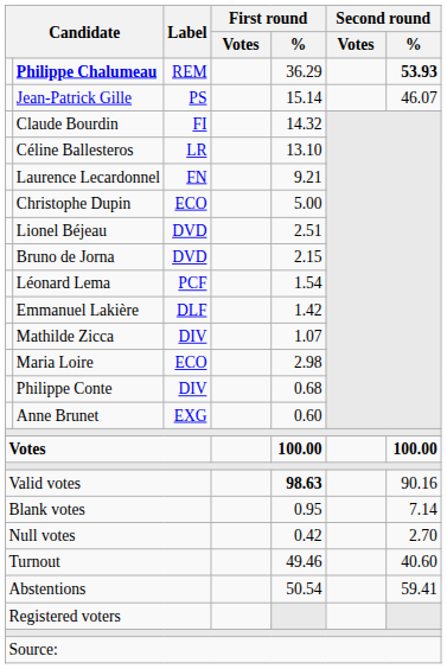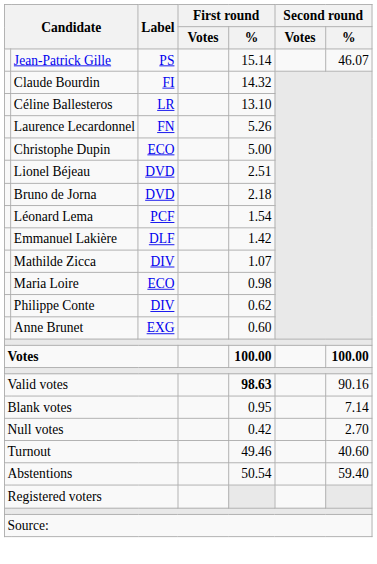 <table class="wikitable" style="text-align:right;font-size:95%;">
 <tr>
 <th rowspan="2" colspan="2">Candidate</th>
 <th rowspan="2">Label</th>
 <th colspan="2">First round</th>
 <th colspan="2">Second round</th>
 </tr>
 <tr>
 <th style="width:50px;">Votes</th>
 <th style="width:45px;">%</th>
 <th style="width:50px;">Votes</th>
 <th style="width:45px;">%</th>
-</tr>
-<tr>
-<td style="color:inherit;background:"></td>
-<td style="text-align:left;"><strong><a href='#'>Philippe Chalumeau</a></strong></td>
-<td><a href='#'>REM</a></td>
-<td></td>
-<td>36.29</td>
-<td><strong></strong></td>
-<td><strong>53.93</strong></td>
 </tr>
 <tr>
 <td style="color:inherit;background:"></td>
 <td style="text-align:left;"><a href='#'>Jean-Patrick Gille</a></td>
 <td><a href='#'>PS</a></td>
 <td></td>
 <td>15.14</td>
 <td></td>
 <td>46.07</td>
 </tr>
 <tr>
 <td style="color:inherit;background:"></td>
 <td style="text-align:left;">Claude Bourdin</td>
 <td><a href='#'>FI</a></td>
 <td></td>
 <td>14.32</td>
 <td colspan="2" rowspan="12" style="background:#E9E9E9;"></td>
 </tr>
 <tr>
 <td style="color:inherit;background:"></td>
 <td style="text-align:left;">Céline Ballesteros</td>
 <td><a href='#'>LR</a></td>
 <td></td>
 <td>13.10</td>
 </tr>
 <tr>
 <td style="color:inherit;background:"></td>
 <td style="text-align:left;">Laurence Lecardonnel</td>
 <td><a href='#'>FN</a></td>
 <td></td>
-<td>9.21</td>
+<td>5.26</td>
 </tr>
 <tr>
 <td style="color:inherit;background:"></td>
 <td style="text-align:left;">Christophe Dupin</td>
 <td><a href='#'>ECO</a></td>
 <td></td>
 <td>5.00</td>
 </tr>
 <tr>
 <td style="color:inherit;background:"></td>
 <td style="text-align:left;">Lionel Béjeau</td>
 <td><a href='#'>DVD</a></td>
 <td></td>
 <td>2.51</td>
 </tr>
 <tr>
 <td style="color:inherit;background:"></td>
 <td style="text-align:left;">Bruno de Jorna</td>
 <td><a href='#'>DVD</a></td>
 <td></td>
-<td>2.15</td>
+<td>2.18</td>
 </tr>
 <tr>
 <td style="color:inherit;background:"></td>
 <td style="text-align:left;">Léonard Lema</td>
 <td><a href='#'>PCF</a></td>
 <td></td>
 <td>1.54</td>
 </tr>
 <tr>
 <td style="color:inherit;background:"></td>
 <td style="text-align:left;">Emmanuel Lakière</td>
 <td><a href='#'>DLF</a></td>
 <td></td>
 <td>1.42</td>
 </tr>
 <tr>
 <td style="color:inherit;background:"></td>
 <td style="text-align:left;">Mathilde Zicca</td>
 <td><a href='#'>DIV</a></td>
 <td></td>
 <td>1.07</td>
 </tr>
 <tr>
 <td style="color:inherit;background:"></td>
 <td style="text-align:left;">Maria Loire</td>
 <td><a href='#'>ECO</a></td>
 <td></td>
-<td>2.98</td>
+<td>0.98</td>
 </tr>
 <tr>
 <td style="color:inherit;background:"></td>
 <td style="text-align:left;">Philippe Conte</td>
 <td><a href='#'>DIV</a></td>
 <td></td>
-<td>0.68</td>
+<td>0.62</td>
 </tr>
 <tr>
 <td style="color:inherit;background:"></td>
 <td style="text-align:left;">Anne Brunet</td>
 <td><a href='#'>EXG</a></td>
 <td></td>
 <td>0.60</td>
 </tr>
 <tr>
 <td colspan="7" style="background:#E9E9E9;"></td>
 </tr>
 <tr style="font-weight:bold;">
 <td colspan="3" style="text-align:left;">Votes</td>
 <td></td>
 <td>100.00</td>
 <td></td>
 <td>100.00</td>
 </tr>
 <tr>
 <td colspan="7" style="background:#E9E9E9;"></td>
 </tr>
 <tr>
 <td colspan="3" style="text-align:left;">Valid votes</td>
 <td></td>
 <td><strong>98.63</strong></td>
 <td></td>
 <td>90.16</td>
 </tr>
 <tr>
 <td colspan="3" style="text-align:left;">Blank votes</td>
 <td></td>
 <td>0.95</td>
 <td></td>
 <td>7.14</td>
 </tr>
 <tr>
 <td colspan="3" style="text-align:left;">Null votes</td>
 <td></td>
 <td>0.42</td>
 <td></td>
 <td>2.70</td>
 </tr>
 <tr>
 <td colspan="3" style="text-align:left;">Turnout</td>
 <td></td>
 <td>49.46</td>
 <td></td>
 <td>40.60</td>
 </tr>
 <tr>
 <td colspan="3" style="text-align:left;">Abstentions</td>
 <td></td>
 <td>50.54</td>
 <td></td>
-<td>59.41</td>
+<td>59.40</td>
 </tr>
 <tr>
 <td colspan="3" style="text-align:left;">Registered voters</td>
 <td></td>
 <td style="color:inherit;background:#E9E9E9;"></td>
 <td></td>
 <td style="color:inherit;background:#E9E9E9;"></td>
 </tr>
 <tr>
 <td colspan="7" style="background:#E9E9E9;"></td>
 </tr>
 <tr>
 <td colspan="7" style="text-align:left;">Source: </td>
 </tr>
 </table>
